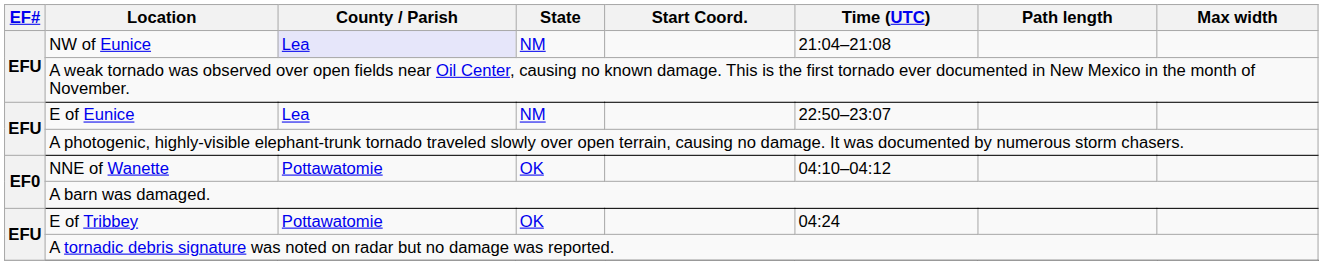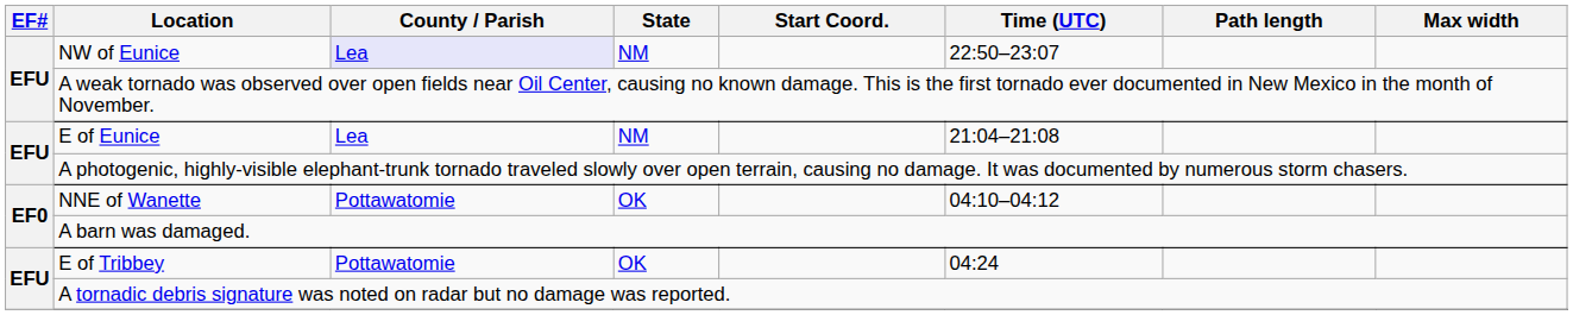 <table class="wikitable sortable" style="width:100%;">
 <tr>
 <th scope="col" width="2%" align="center"><a href='#'>EF#</a></th>
 <th scope="col" align="center" class="unsortable">Location</th>
 <th scope="col" align="center" class="unsortable">County / Parish</th>
 <th scope="col" align="center">State</th>
 <th scope="col" align="center">Start Coord.</th>
 <th scope="col" align="center">Time (<a href='#'>UTC</a>)</th>
 <th scope="col" align="center">Path length</th>
 <th scope="col" align="center">Max width</th>
 </tr>
 <tr>
 <th scope="row" rowspan="2" style="background-color:#">EFU</th>
 <td>NW of <a href='#'>Eunice</a></td>
 <td style="background: lavender;"><a href='#'>Lea</a></td>
 <td><a href='#'>NM</a></td>
 <td></td>
-<td>21:04–21:08</td>
+<td>22:50–23:07</td>
 <td></td>
 <td></td>
 </tr>
 <tr class="expand-child">
 <td colspan="8" style=" border-bottom: 1px solid black;">A weak tornado was observed over open fields near <a href='#'>Oil Center</a>, causing no known damage. This is the first tornado ever documented in New Mexico in the month of November.</td>
 </tr>
 <tr>
 <th scope="row" rowspan="2" style="background-color:#">EFU</th>
 <td>E of <a href='#'>Eunice</a></td>
 <td><a href='#'>Lea</a></td>
 <td><a href='#'>NM</a></td>
 <td></td>
-<td>22:50–23:07</td>
+<td>21:04–21:08</td>
 <td></td>
 <td></td>
 </tr>
 <tr class="expand-child">
 <td colspan="8" style=" border-bottom: 1px solid black;">A photogenic, highly-visible elephant-trunk tornado traveled slowly over open terrain, causing no damage. It was documented by numerous storm chasers.</td>
 </tr>
 <tr>
 <th scope="row" rowspan="2" style="background-color:#">EF0</th>
 <td>NNE of <a href='#'>Wanette</a></td>
 <td><a href='#'>Pottawatomie</a></td>
 <td><a href='#'>OK</a></td>
 <td></td>
 <td>04:10–04:12</td>
 <td></td>
 <td></td>
 </tr>
 <tr class="expand-child">
 <td colspan="8" style=" border-bottom: 1px solid black;">A barn was damaged.</td>
 </tr>
 <tr>
 <th scope="row" rowspan="2" style="background-color:#">EFU</th>
 <td>E of <a href='#'>Tribbey</a></td>
 <td><a href='#'>Pottawatomie</a></td>
 <td><a href='#'>OK</a></td>
 <td></td>
 <td>04:24</td>
 <td></td>
 <td></td>
 </tr>
 <tr class="expand-child">
 <td colspan="8" style=" border-bottom: 1px solid black;">A <a href='#'>tornadic debris signature</a> was noted on radar but no damage was reported.</td>
 </tr>
 <tr>
 </tr>
 </table>
